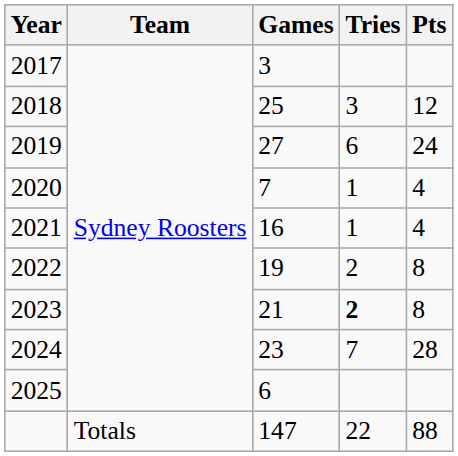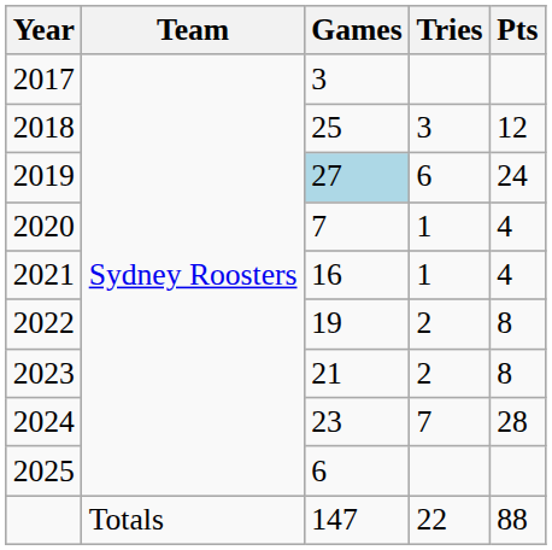 <table class="wikitable">
 <tr>
 <th>Year</th>
 <th>Team</th>
 <th>Games</th>
 <th>Tries</th>
 <th>Pts</th>
 </tr>
 <tr>
 <td>2017</td>
 <td rowspan="9"> <a href='#'>Sydney Roosters</a></td>
 <td>3</td>
 <td></td>
 <td></td>
 </tr>
 <tr>
 <td>2018</td>
 <td>25</td>
 <td>3</td>
 <td>12</td>
 </tr>
 <tr>
 <td>2019</td>
-<td>27</td>
+<td style="background: lightblue;">27</td>
 <td>6</td>
 <td>24</td>
 </tr>
 <tr>
 <td>2020</td>
 <td>7</td>
 <td>1</td>
 <td>4</td>
 </tr>
 <tr>
 <td>2021</td>
 <td>16</td>
 <td>1</td>
 <td>4</td>
 </tr>
 <tr>
 <td>2022</td>
 <td>19</td>
 <td>2</td>
 <td>8</td>
 </tr>
 <tr>
 <td>2023</td>
 <td>21</td>
-<td><strong>2</strong></td>
+<td>2</td>
 <td>8</td>
 </tr>
 <tr>
 <td>2024</td>
 <td>23</td>
 <td>7</td>
 <td>28</td>
 </tr>
 <tr>
 <td>2025</td>
 <td>6</td>
 <td></td>
 <td></td>
 </tr>
 <tr>
 <td></td>
 <td>Totals</td>
 <td>147</td>
 <td>22</td>
 <td>88</td>
 </tr>
 </table>
